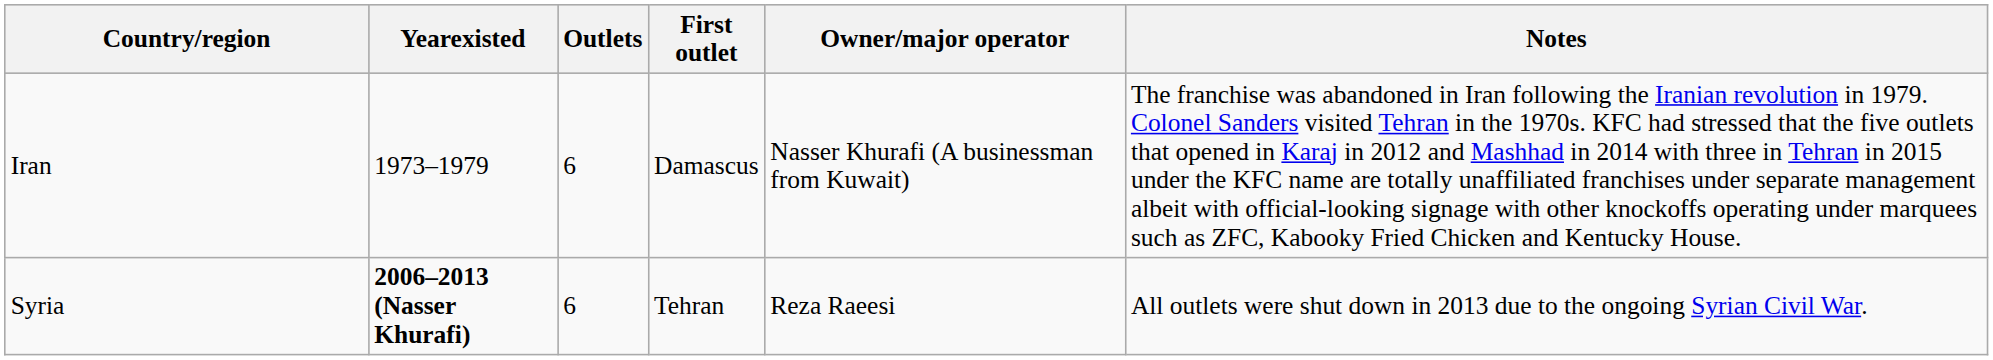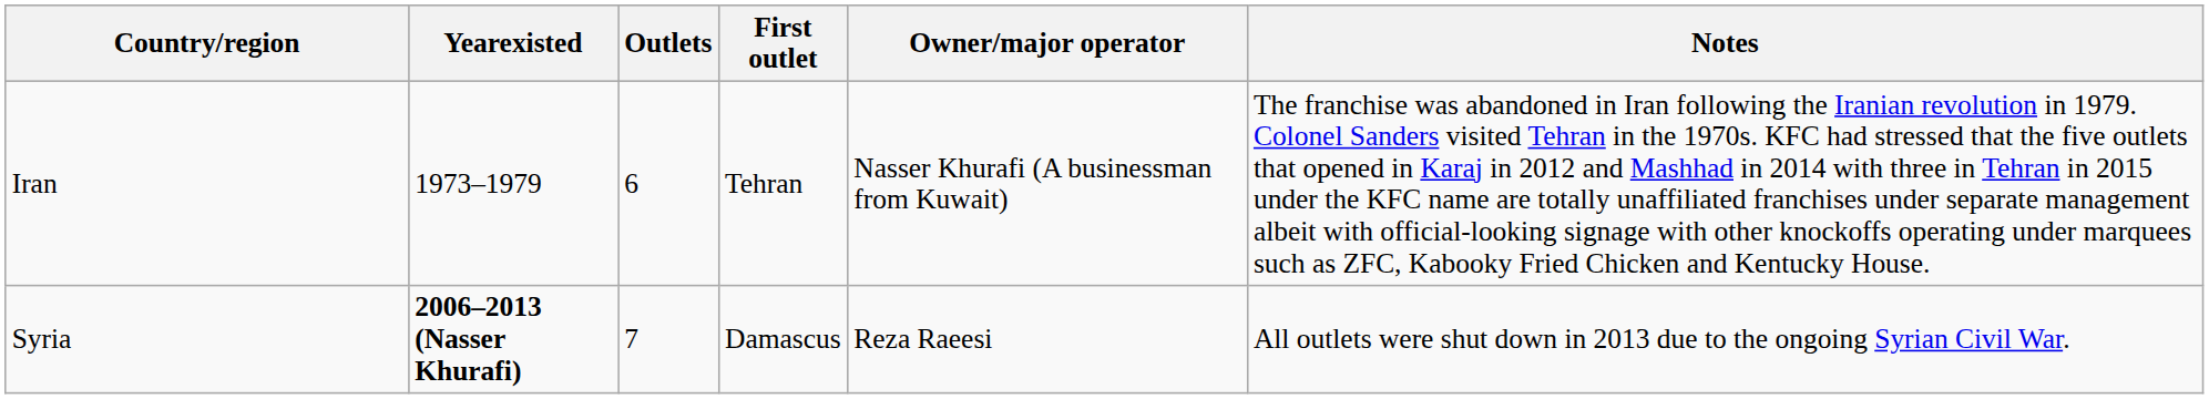 <table class="wikitable sortable">
 <tr>
 <th style="width:20%">Country/region</th>
 <th style="width:10%">Yearexisted</th>
 <th>Outlets</th>
 <th>First outlet</th>
 <th style="width:20%">Owner/major operator</th>
 <th style="width:50%">Notes</th>
 </tr>
 <tr>
 <td>Iran</td>
 <td>1973–1979</td>
 <td>6</td>
-<td>Damascus</td>
+<td>Tehran</td>
 <td>Nasser Khurafi (A businessman from Kuwait)</td>
 <td>The franchise was abandoned in Iran following the <a href='#'>Iranian revolution</a> in 1979.<br><a href='#'>Colonel Sanders</a> visited <a href='#'>Tehran</a> in the 1970s.  KFC had stressed that the five outlets that opened in <a href='#'>Karaj</a> in 2012 and <a href='#'>Mashhad</a> in 2014 with three in <a href='#'>Tehran</a> in 2015 under the KFC name are totally unaffiliated franchises under separate management albeit with official-looking signage with other knockoffs operating under marquees such as ZFC, Kabooky Fried Chicken and Kentucky House.</td>
 </tr>
 <tr>
 <td>Syria</td>
 <td><strong>2006–2013 (Nasser Khurafi)</strong></td>
-<td>6</td>
-<td>Tehran</td>
+<td>7</td>
+<td>Damascus</td>
 <td>Reza Raeesi</td>
 <td>All outlets were shut down in 2013 due to the ongoing <a href='#'>Syrian Civil War</a>.</td>
 </tr>
 </table>
